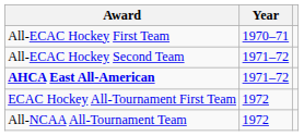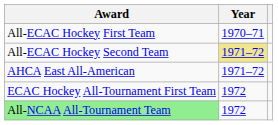 <table class="wikitable">
 <tr>
 <th>Award</th>
 <th>Year</th>
 <th></th>
 </tr>
 <tr>
 <td>All-<a href='#'>ECAC Hockey</a> <a href='#'>First Team</a></td>
 <td><a href='#'>1970–71</a></td>
 <td></td>
 </tr>
 <tr>
 <td>All-<a href='#'>ECAC Hockey</a> <a href='#'>Second Team</a></td>
-<td><a href='#'>1971–72</a></td>
+<td style="background: khaki;"><a href='#'>1971–72</a></td>
 <td></td>
 </tr>
 <tr>
-<td><strong><a href='#'>AHCA</a> <a href='#'>East All-American</a></strong></td>
+<td><a href='#'>AHCA</a> <a href='#'>East All-American</a></td>
 <td><a href='#'>1971–72</a></td>
 <td></td>
 </tr>
 <tr>
 <td><a href='#'>ECAC Hockey</a> <a href='#'>All-Tournament First Team</a></td>
 <td><a href='#'>1972</a></td>
 <td></td>
 </tr>
 <tr>
-<td>All-<a href='#'>NCAA</a> <a href='#'>All-Tournament Team</a></td>
+<td style="background: lightgreen;">All-<a href='#'>NCAA</a> <a href='#'>All-Tournament Team</a></td>
 <td><a href='#'>1972</a></td>
 <td></td>
 </tr>
 </table>
